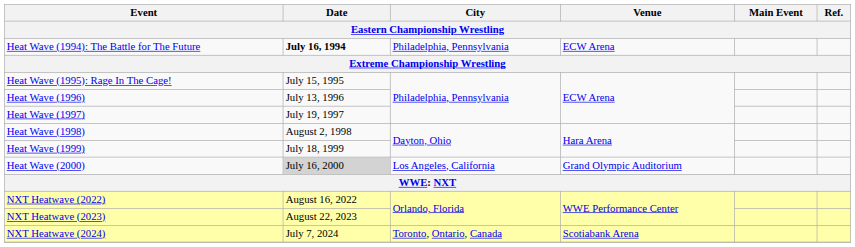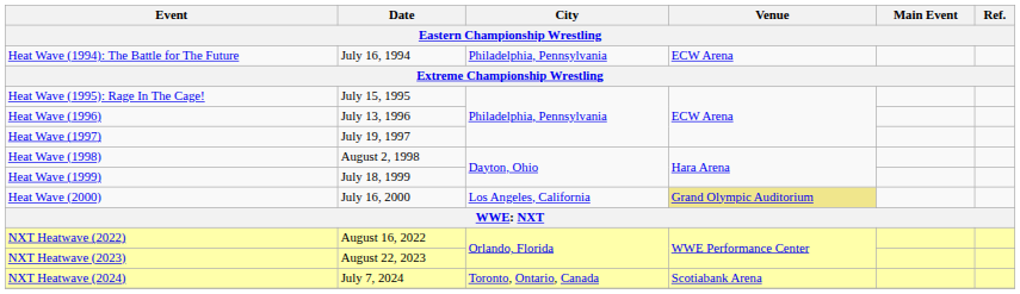 <table class="wikitable sortable" style="align: center" width=100%>
 <tr>
 <th>Event</th>
 <th>Date</th>
 <th>City</th>
 <th>Venue</th>
 <th>Main Event</th>
 <th>Ref.</th>
 </tr>
 <tr>
 <th colspan=6><a href='#'>Eastern Championship Wrestling</a></th>
 </tr>
 <tr>
 <td><a href='#'>Heat Wave (1994): The Battle for The Future</a></td>
-<td><strong>July 16, 1994</strong></td>
+<td>July 16, 1994</td>
 <td rowspan="1"><a href='#'>Philadelphia, Pennsylvania</a></td>
 <td rowspan="1"><a href='#'>ECW Arena</a></td>
 <td></td>
 <td></td>
 </tr>
 <tr>
 <th colspan=6><a href='#'>Extreme Championship Wrestling</a></th>
 </tr>
 <tr>
 <td><a href='#'>Heat Wave (1995): Rage In The Cage!</a></td>
 <td>July 15, 1995</td>
 <td rowspan="3"><a href='#'>Philadelphia, Pennsylvania</a></td>
 <td rowspan="3"><a href='#'>ECW Arena</a></td>
 <td></td>
 <td></td>
 </tr>
 <tr>
 <td><a href='#'>Heat Wave (1996)</a></td>
 <td>July 13, 1996</td>
 <td></td>
 <td></td>
 </tr>
 <tr>
 <td><a href='#'>Heat Wave (1997)</a></td>
 <td>July 19, 1997</td>
 <td></td>
 <td></td>
 </tr>
 <tr>
 <td><a href='#'>Heat Wave (1998)</a></td>
 <td>August 2, 1998</td>
 <td rowspan="2"><a href='#'>Dayton, Ohio</a></td>
 <td rowspan="2"><a href='#'>Hara Arena</a></td>
 <td></td>
 <td></td>
 </tr>
 <tr>
 <td><a href='#'>Heat Wave (1999)</a></td>
 <td>July 18, 1999</td>
 <td></td>
 <td></td>
 </tr>
 <tr>
 <td><a href='#'>Heat Wave (2000)</a></td>
-<td style="background: lightgrey;">July 16, 2000</td>
+<td>July 16, 2000</td>
 <td><a href='#'>Los Angeles, California</a></td>
-<td><a href='#'>Grand Olympic Auditorium</a></td>
+<td style="background: khaki;"><a href='#'>Grand Olympic Auditorium</a></td>
 <td></td>
 <td></td>
 </tr>
 <tr>
 <th colspan=6><a href='#'>WWE</a>: <a href='#'>NXT</a></th>
 </tr>
 <tr style="background:#FFA;">
 <td><a href='#'>NXT Heatwave (2022)</a></td>
 <td>August 16, 2022</td>
 <td rowspan=2><a href='#'>Orlando, Florida</a></td>
 <td rowspan=2><a href='#'>WWE Performance Center</a></td>
 <td></td>
 <td></td>
 </tr>
 <tr style="background:#FFA;">
 <td><a href='#'>NXT Heatwave (2023)</a></td>
 <td>August 22, 2023</td>
 <td></td>
 <td></td>
 </tr>
 <tr style="background:#FFA;">
 <td><a href='#'>NXT Heatwave (2024)</a></td>
 <td>July 7, 2024</td>
 <td><a href='#'>Toronto</a>, <a href='#'>Ontario</a>, <a href='#'>Canada</a></td>
 <td><a href='#'>Scotiabank Arena</a></td>
 <td></td>
 <td></td>
 </tr>
 <tr>
 </tr>
 </table>
